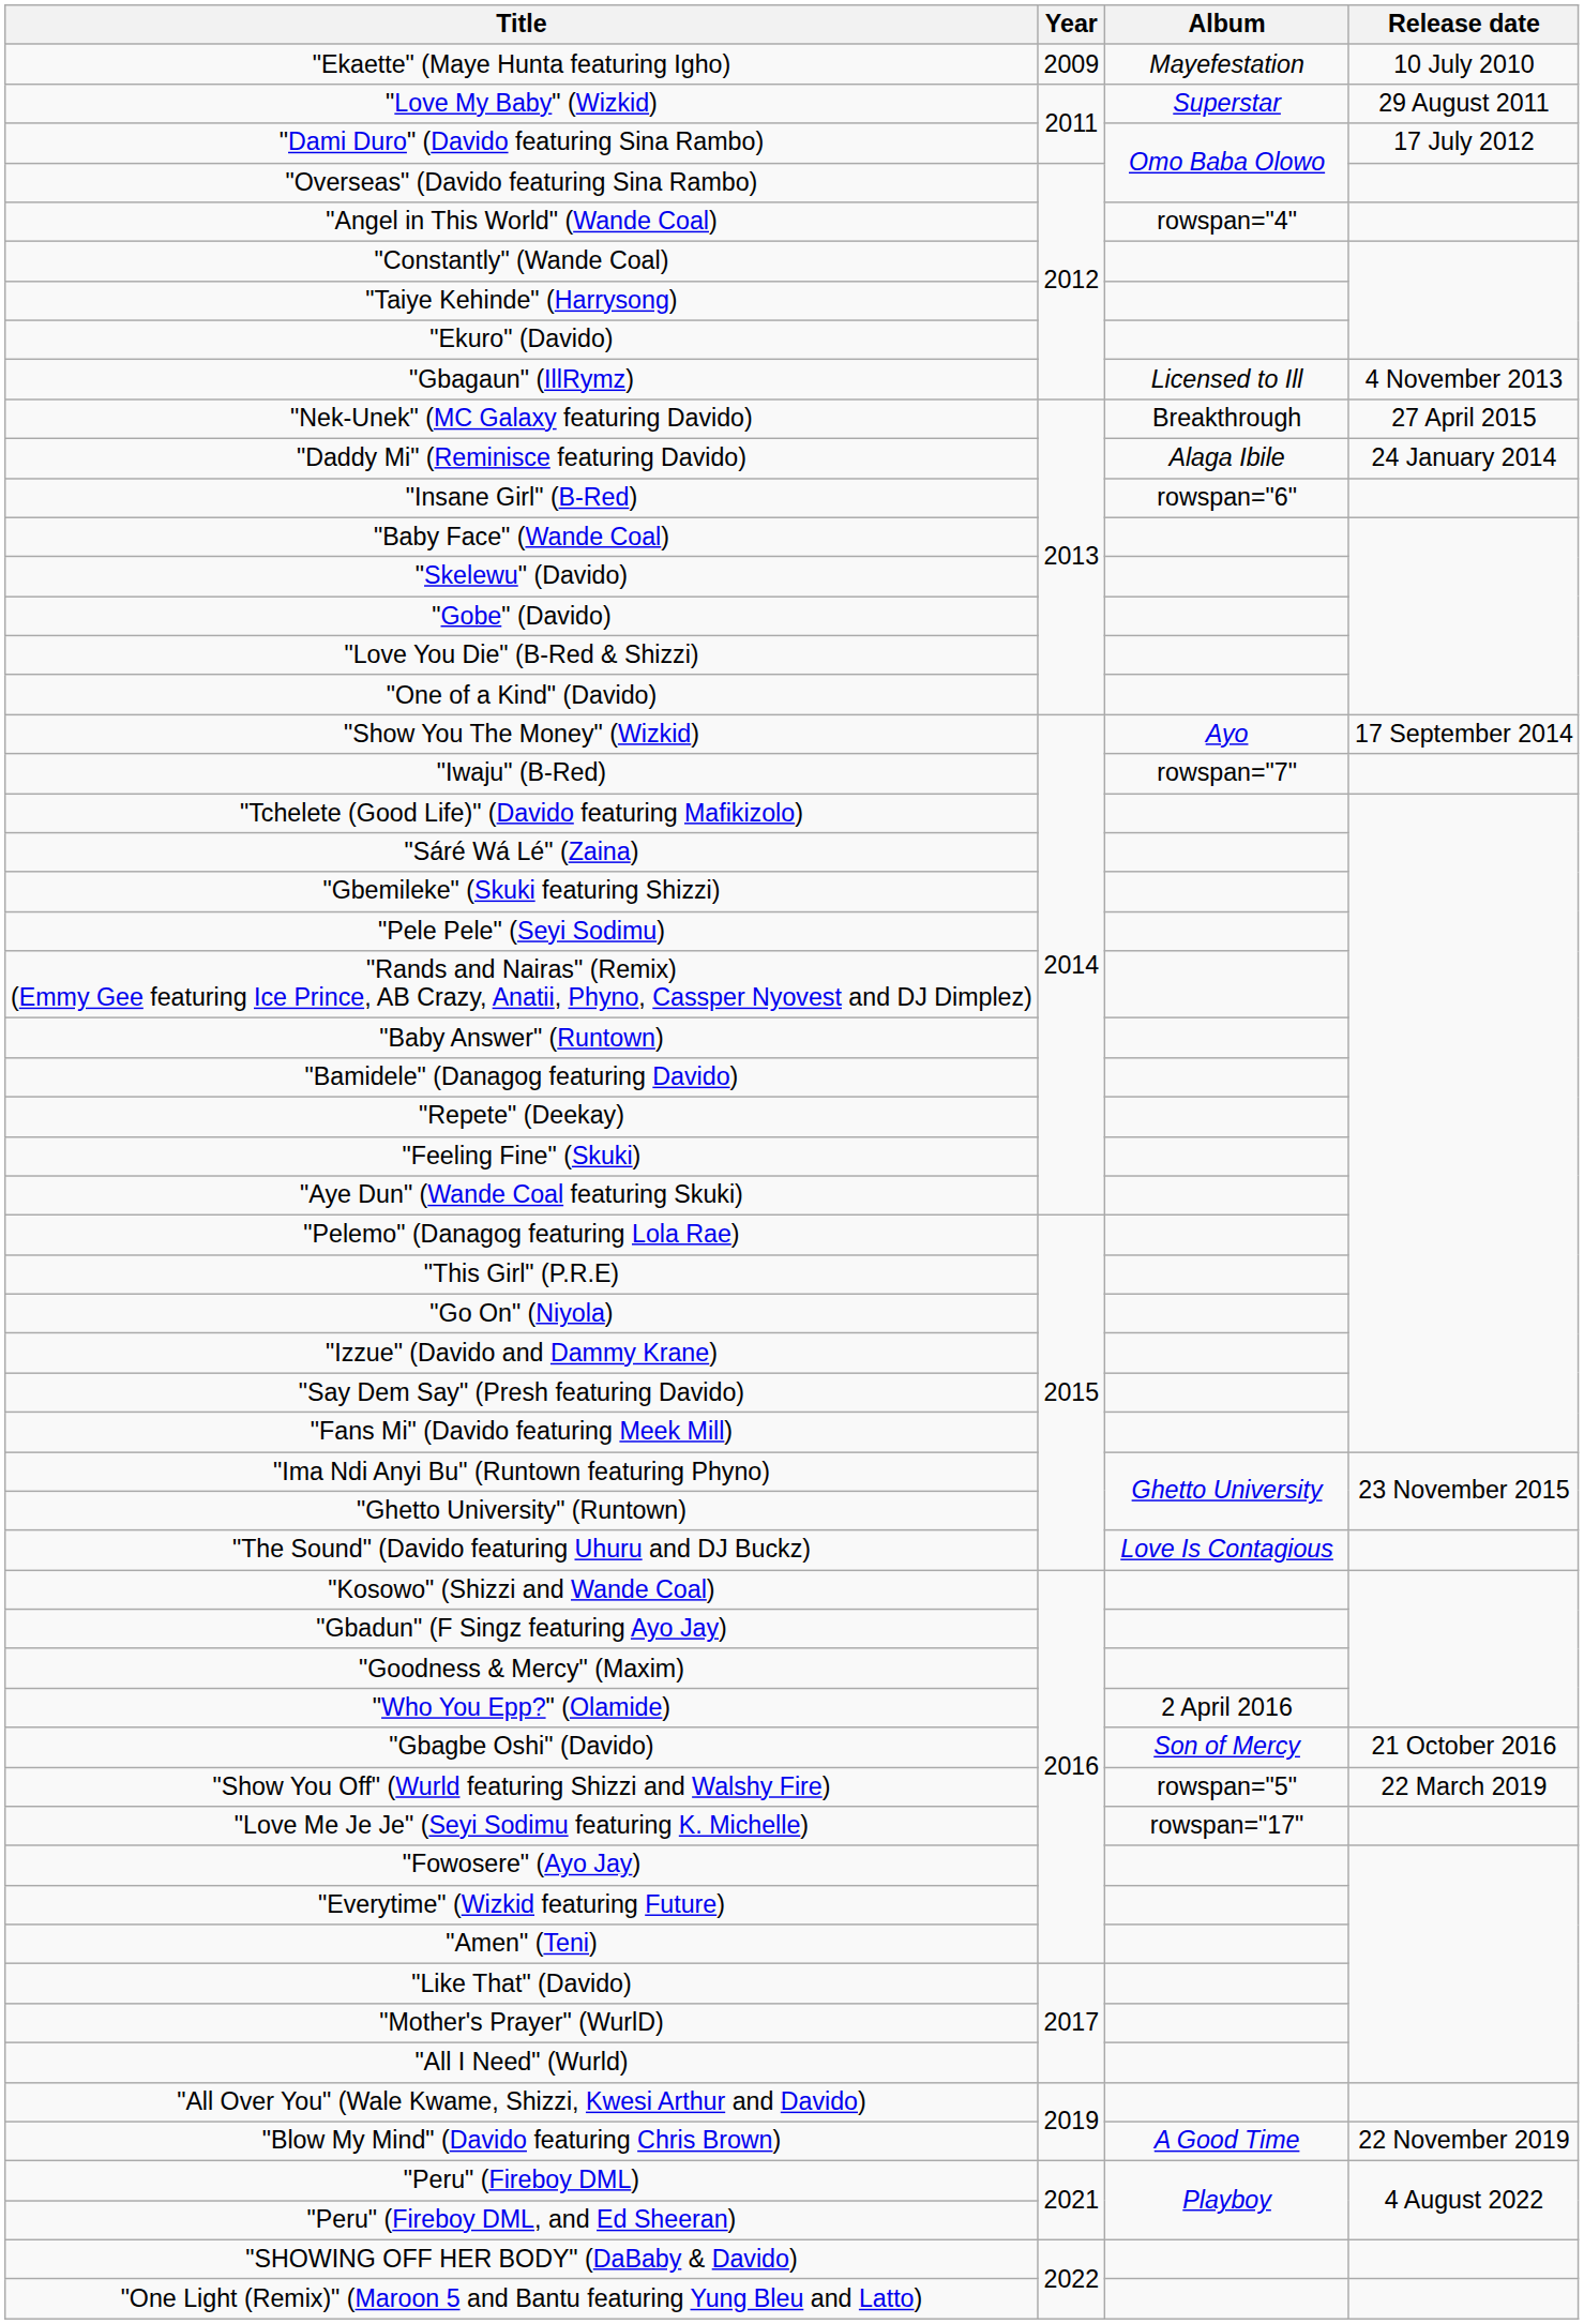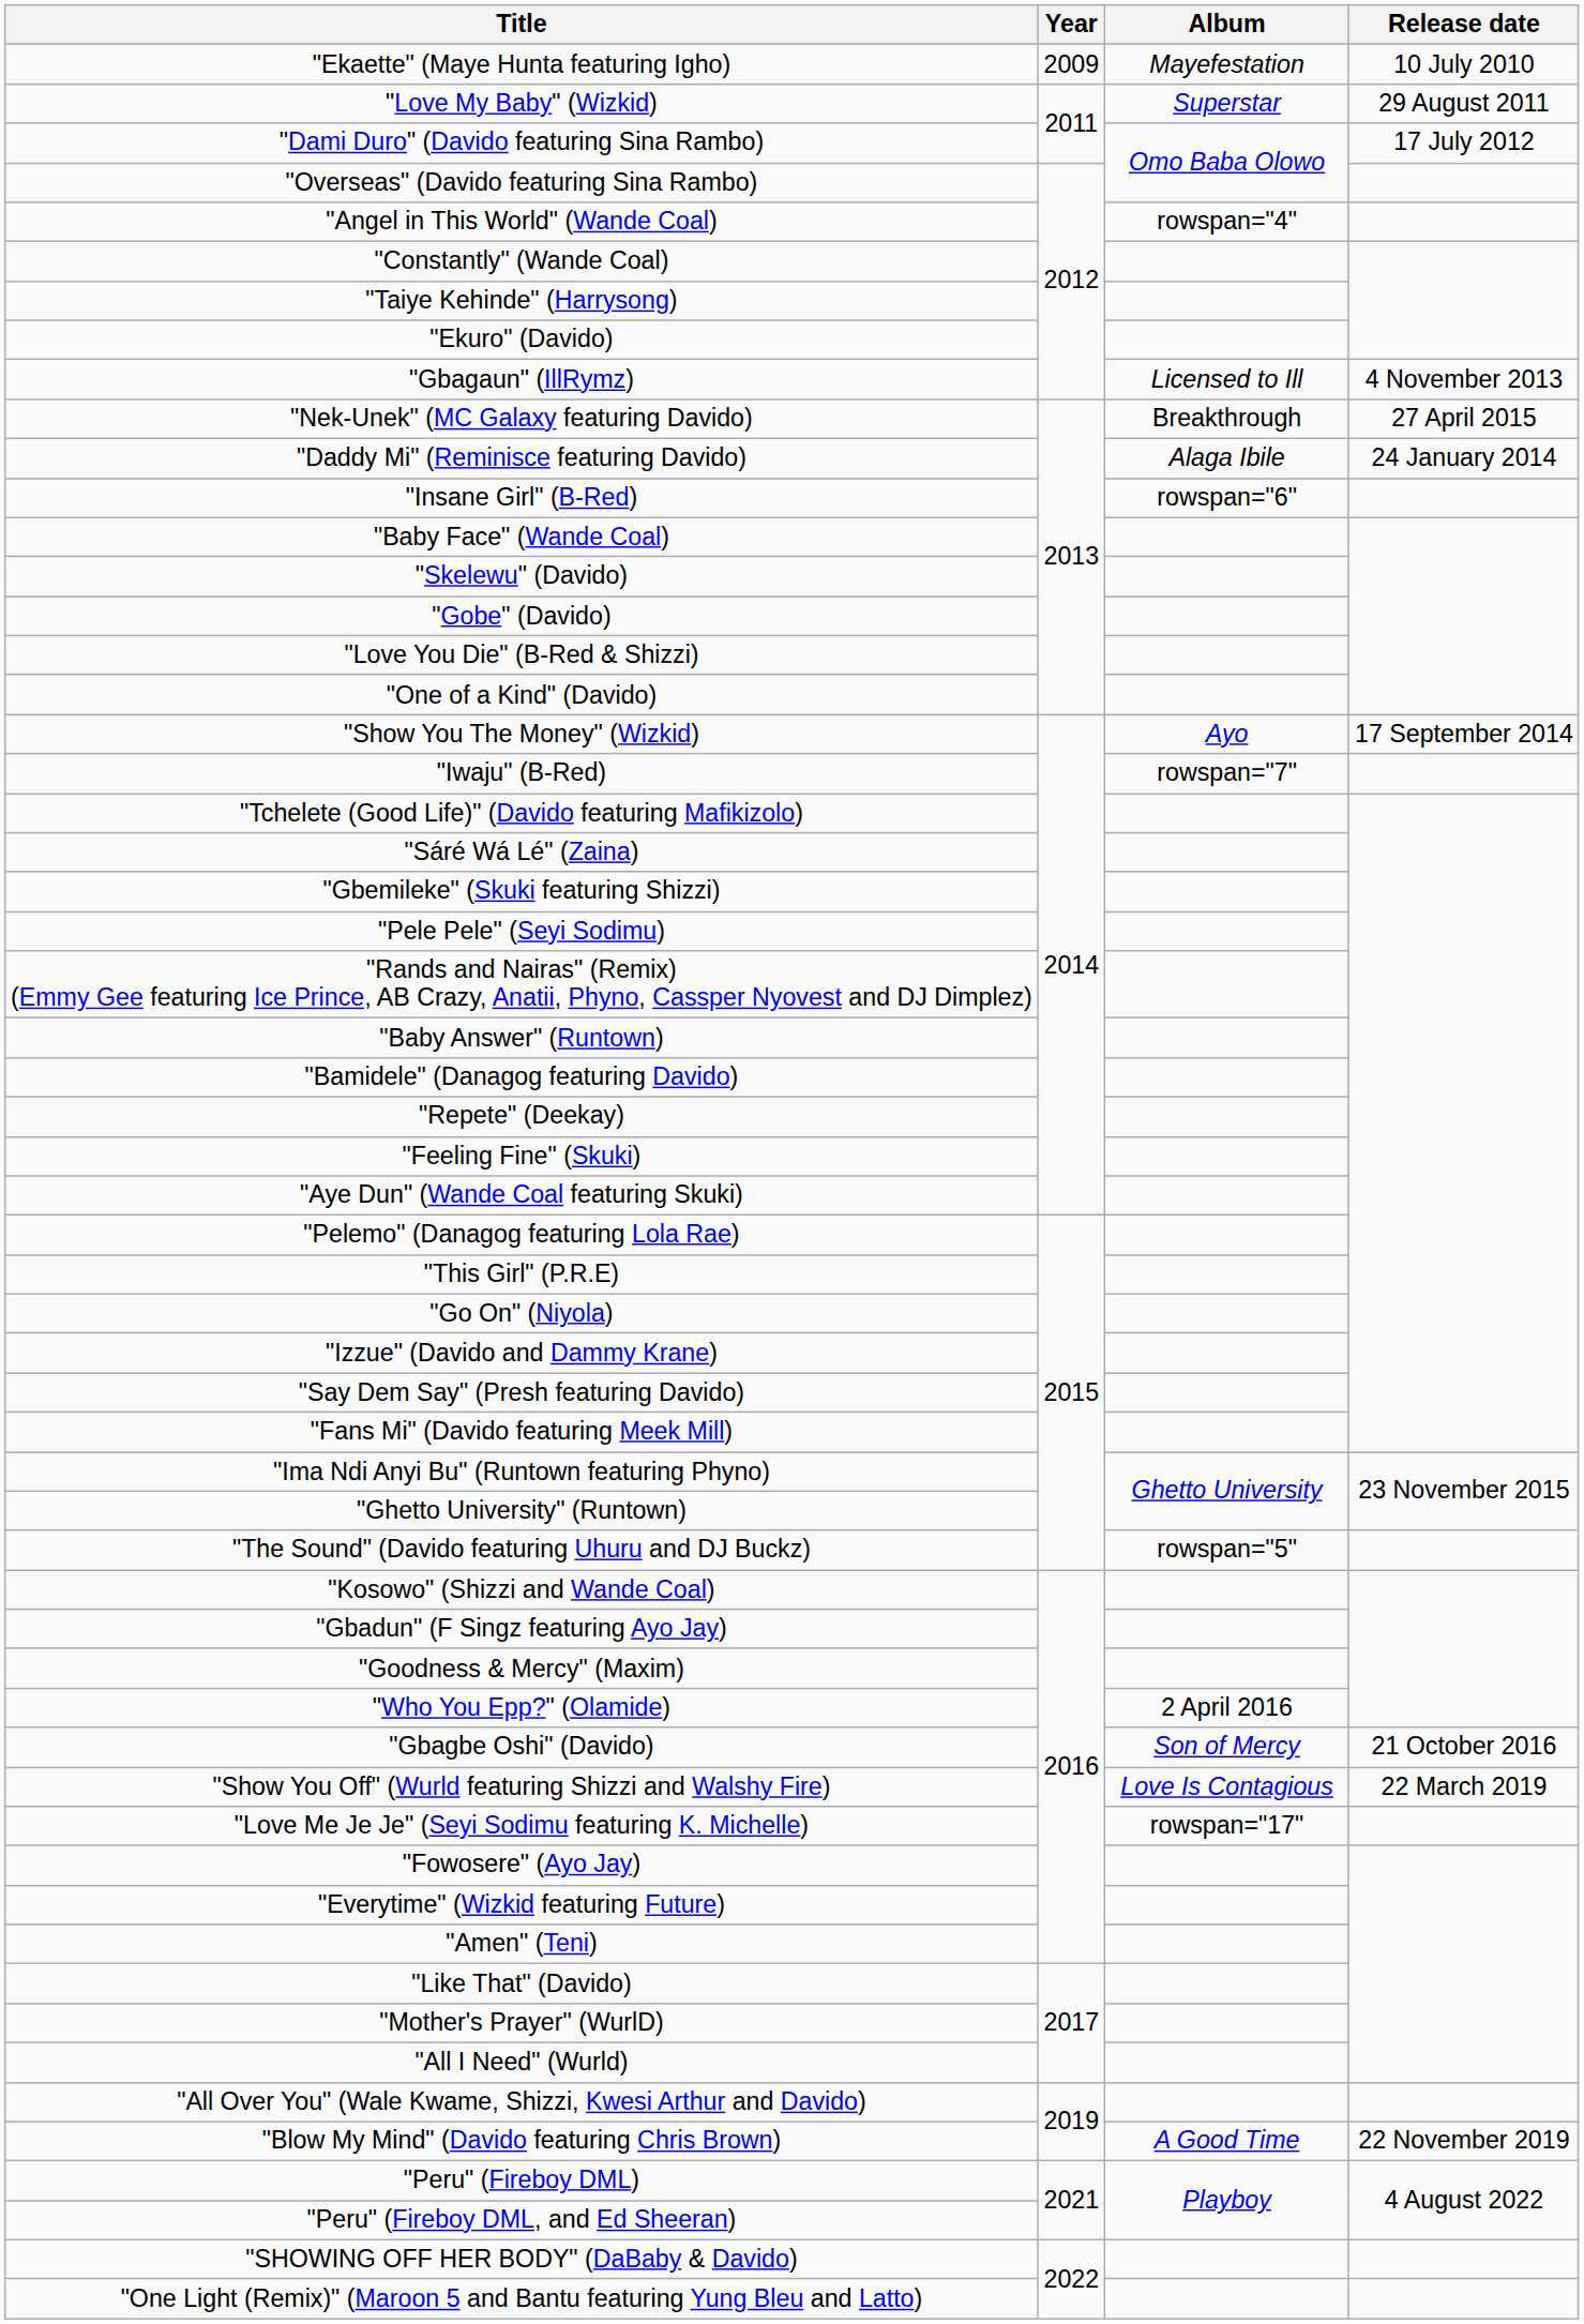 <table class="wikitable plainrowheaders" style="text-align:center;" border="1">
 <tr>
 <th>Title</th>
 <th>Year</th>
 <th width="150">Album</th>
 <th>Release date</th>
 </tr>
 <tr>
 <td>"Ekaette" <span>(Maye Hunta featuring Igho)</span></td>
 <td>2009</td>
 <td><em>Mayefestation</em></td>
 <td>10 July 2010</td>
 </tr>
 <tr>
 <td>"<a href='#'>Love My Baby</a>" <span>(<a href='#'>Wizkid</a>)</span></td>
 <td rowspan="2">2011</td>
 <td><em><a href='#'>Superstar</a></em></td>
 <td>29 August 2011</td>
 </tr>
 <tr>
 <td>"<a href='#'>Dami Duro</a>" <span>(<a href='#'>Davido</a> featuring Sina Rambo)</span></td>
 <td rowspan="2"><em><a href='#'>Omo Baba Olowo</a></em></td>
 <td>17 July 2012</td>
 </tr>
 <tr>
 <td>"Overseas" <span>(Davido featuring Sina Rambo)</span></td>
 <td rowspan="6">2012</td>
 <td></td>
 </tr>
 <tr>
 <td>"Angel in This World" <span>(<a href='#'>Wande Coal</a>)</span></td>
 <td>rowspan="4" </td>
 <td></td>
 </tr>
 <tr>
 <td>"Constantly" <span>(Wande Coal)</span></td>
 <td></td>
 </tr>
 <tr>
 <td>"Taiye Kehinde" <span>(<a href='#'>Harrysong</a>)</span></td>
 <td></td>
 </tr>
 <tr>
 <td>"Ekuro" <span>(Davido)</span></td>
 <td></td>
 </tr>
 <tr>
 <td>"Gbagaun" <span>(<a href='#'>IllRymz</a>)</span></td>
 <td><em>Licensed to Ill</em></td>
 <td>4 November 2013</td>
 </tr>
 <tr>
 <td>"Nek-Unek" <span>(<a href='#'>MC Galaxy</a> featuring Davido)</span></td>
 <td rowspan="8">2013</td>
 <td>Breakthrough</td>
 <td>27 April 2015</td>
 </tr>
 <tr>
 <td>"Daddy Mi" <span>(<a href='#'>Reminisce</a> featuring Davido)</span></td>
 <td><em>Alaga Ibile</em></td>
 <td>24 January 2014</td>
 </tr>
 <tr>
 <td>"Insane Girl" <span>(<a href='#'>B-Red</a>)</span></td>
 <td>rowspan="6" </td>
 <td></td>
 </tr>
 <tr>
 <td>"Baby Face" <span>(<a href='#'>Wande Coal</a>)</span></td>
 <td></td>
 </tr>
 <tr>
 <td>"<a href='#'>Skelewu</a>" <span>(Davido)</span></td>
 <td></td>
 </tr>
 <tr>
 <td>"<a href='#'>Gobe</a>" <span>(Davido)</span></td>
 <td></td>
 </tr>
 <tr>
 <td>"Love You Die" <span>(B-Red & Shizzi)</span></td>
 <td></td>
 </tr>
 <tr>
 <td>"One of a Kind" <span>(Davido)</span></td>
 <td></td>
 </tr>
 <tr>
 <td>"Show You The Money" <span>(<a href='#'>Wizkid</a>)</span></td>
 <td rowspan="12">2014</td>
 <td><em><a href='#'>Ayo</a></em></td>
 <td>17 September 2014</td>
 </tr>
 <tr>
 <td>"Iwaju" <span>(B-Red)</span></td>
 <td>rowspan="7" </td>
 <td></td>
 </tr>
 <tr>
 <td>"Tchelete (Good Life)" <span>(<a href='#'>Davido</a> featuring <a href='#'>Mafikizolo</a>)</span></td>
 <td></td>
 </tr>
 <tr>
 <td>"Sáré Wá Lé" <span>(<a href='#'>Zaina</a>)</span></td>
 <td></td>
 </tr>
 <tr>
 <td>"Gbemileke" <span>(<a href='#'>Skuki</a> featuring Shizzi)</span></td>
 <td></td>
 </tr>
 <tr>
 <td>"Pele Pele" <span>(<a href='#'>Seyi Sodimu</a>)</span></td>
 <td></td>
 </tr>
 <tr>
 <td>"Rands and Nairas" (Remix) <br><span>(<a href='#'>Emmy Gee</a> featuring <a href='#'>Ice Prince</a>, AB Crazy, <a href='#'>Anatii</a>, <a href='#'>Phyno</a>, <a href='#'>Cassper Nyovest</a> and DJ Dimplez)</span></td>
 <td></td>
 </tr>
 <tr>
 <td>"Baby Answer" <span>(<a href='#'>Runtown</a>)</span></td>
 <td></td>
 </tr>
 <tr>
 <td>"Bamidele" <span>(Danagog featuring <a href='#'>Davido</a>)</span></td>
 <td></td>
 </tr>
 <tr>
 <td>"Repete" <span>(Deekay)</span></td>
 <td></td>
 </tr>
 <tr>
 <td>"Feeling Fine" <span>(<a href='#'>Skuki</a>)</span></td>
 <td></td>
 </tr>
 <tr>
 <td>"Aye Dun" <span>(<a href='#'>Wande Coal</a> featuring Skuki)</span></td>
 <td></td>
 </tr>
 <tr>
 <td>"Pelemo" <span>(Danagog featuring <a href='#'>Lola Rae</a>)</span></td>
 <td rowspan="9">2015</td>
 <td></td>
 </tr>
 <tr>
 <td>"This Girl" <span>(P.R.E)</span></td>
 <td></td>
 </tr>
 <tr>
 <td>"Go On" <span>(<a href='#'>Niyola</a>)</span></td>
 <td></td>
 </tr>
 <tr>
 <td>"Izzue" <span>(Davido and <a href='#'>Dammy Krane</a>)</span></td>
 <td></td>
 </tr>
 <tr>
 <td>"Say Dem Say" <span>(Presh featuring Davido)</span></td>
 <td></td>
 </tr>
 <tr>
 <td>"Fans Mi" <span>(Davido featuring <a href='#'>Meek Mill</a>)</span></td>
 <td></td>
 </tr>
 <tr>
 <td>"Ima Ndi Anyi Bu" <span>(Runtown featuring Phyno)</span></td>
 <td rowspan="2"><em><a href='#'>Ghetto University</a></em></td>
 <td rowspan="2">23 November 2015</td>
 </tr>
 <tr>
 <td>"Ghetto University" <span>(Runtown)</span></td>
 </tr>
 <tr>
 <td>"The Sound" <span>(Davido featuring <a href='#'>Uhuru</a> and DJ Buckz)</span></td>
-<td><em><a href='#'>Love Is Contagious</a></em></td>
+<td>rowspan="5" </td>
 <td></td>
 </tr>
 <tr>
 <td>"Kosowo" <span>(Shizzi and <a href='#'>Wande Coal</a>)</span></td>
 <td rowspan="10">2016</td>
 <td></td>
 </tr>
 <tr>
 <td>"Gbadun" <span>(F Singz featuring <a href='#'>Ayo Jay</a>)</span></td>
 <td></td>
 </tr>
 <tr>
 <td>"Goodness & Mercy" <span>(Maxim)</span></td>
 <td></td>
 </tr>
 <tr>
 <td>"<a href='#'>Who You Epp?</a>" <span>(<a href='#'>Olamide</a>)</span></td>
 <td>2 April 2016</td>
 </tr>
 <tr>
 <td>"Gbagbe Oshi" <span>(Davido)</span></td>
 <td><em><a href='#'>Son of Mercy</a></em></td>
 <td>21 October 2016</td>
 </tr>
 <tr>
 <td>"Show You Off" <span>(<a href='#'>Wurld</a> featuring Shizzi and <a href='#'>Walshy Fire</a>)</span></td>
-<td>rowspan="5" </td>
+<td><em><a href='#'>Love Is Contagious</a></em></td>
 <td>22 March 2019</td>
 </tr>
 <tr>
 <td>"Love Me Je Je" <span>(<a href='#'>Seyi Sodimu</a> featuring <a href='#'>K. Michelle</a>)</span></td>
 <td>rowspan="17" </td>
 <td></td>
 </tr>
 <tr>
 <td>"Fowosere" <span>(<a href='#'>Ayo Jay</a>)</span></td>
 <td></td>
 </tr>
 <tr>
 <td>"Everytime" <span>(<a href='#'>Wizkid</a> featuring <a href='#'>Future</a>)</span></td>
 <td></td>
 </tr>
 <tr>
 <td>"Amen" <span>(<a href='#'>Teni</a>)</span></td>
 <td></td>
 </tr>
 <tr>
 <td>"Like That" <span>(Davido)</span></td>
 <td rowspan="3">2017</td>
 <td></td>
 </tr>
 <tr>
 <td>"Mother's Prayer" <span>(WurlD)</span></td>
 <td></td>
 </tr>
 <tr>
 <td>"All I Need" <span>(Wurld)</span></td>
 <td></td>
 </tr>
 <tr>
 <td>"All Over You" <span>(Wale Kwame, Shizzi, <a href='#'>Kwesi Arthur</a> and <a href='#'>Davido</a>)</span></td>
 <td rowspan="2">2019</td>
 <td></td>
 <td></td>
 </tr>
 <tr>
 <td>"Blow My Mind" <span>(<a href='#'>Davido</a> featuring <a href='#'>Chris Brown</a>)</span></td>
 <td><em><a href='#'>A Good Time</a></em></td>
 <td>22 November 2019</td>
 </tr>
 <tr>
 <td>"Peru" <span>(<a href='#'>Fireboy DML</a>)</span></td>
 <td rowspan="2">2021</td>
 <td rowspan="2"><em><a href='#'>Playboy</a></em></td>
 <td rowspan="2">4 August 2022</td>
 </tr>
 <tr>
 <td>"Peru" <span>(<a href='#'>Fireboy DML</a>, and <a href='#'>Ed Sheeran</a>)</span></td>
 </tr>
 <tr>
 <td>"SHOWING OFF HER BODY" <span>(<a href='#'>DaBaby</a> & <a href='#'>Davido</a>)</span></td>
 <td rowspan="2">2022</td>
 <td></td>
 <td></td>
 </tr>
 <tr>
 <td>"One Light (Remix)" <span>(<a href='#'>Maroon 5</a> and Bantu featuring <a href='#'>Yung Bleu</a> and <a href='#'>Latto</a>)</span></td>
 <td></td>
 <td></td>
 </tr>
 </table>
